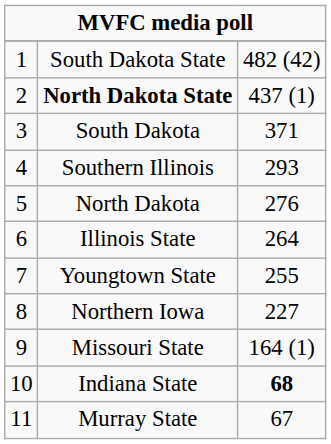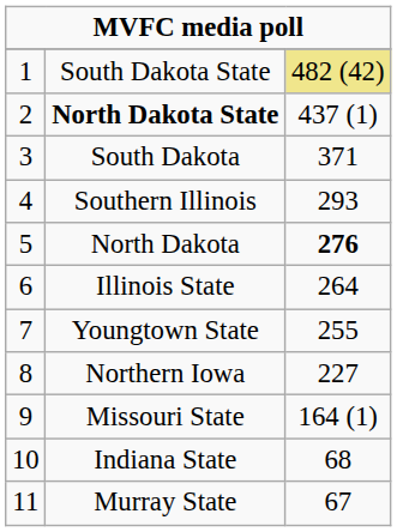 <table class="wikitable" style="display: inline-table;">
 <tr>
 <td align="center" Colspan="3"><strong>MVFC media poll</strong></td>
 </tr>
 <tr align="center">
 </tr>
 <tr align="center">
 <td>1</td>
 <td>South Dakota State</td>
-<td>482 (42)</td>
+<td style="background: khaki;">482 (42)</td>
 </tr>
 <tr align="center">
 <td>2</td>
 <td><strong>North Dakota State</strong></td>
 <td>437 (1)</td>
 </tr>
 <tr align="center">
 <td>3</td>
 <td>South Dakota</td>
 <td>371</td>
 </tr>
 <tr align="center">
 <td>4</td>
 <td>Southern Illinois</td>
 <td>293</td>
 </tr>
 <tr align="center">
 <td>5</td>
 <td>North Dakota</td>
-<td>276</td>
+<td><strong>276</strong></td>
 </tr>
 <tr align="center">
 <td>6</td>
 <td>Illinois State</td>
 <td>264</td>
 </tr>
 <tr align="center">
 <td>7</td>
 <td>Youngtown State</td>
 <td>255</td>
 </tr>
 <tr align="center">
 <td>8</td>
 <td>Northern Iowa</td>
 <td>227</td>
 </tr>
 <tr align="center">
 <td>9</td>
 <td>Missouri State</td>
 <td>164 (1)</td>
 </tr>
 <tr align="center">
 <td>10</td>
 <td>Indiana State</td>
-<td><strong>68</strong></td>
+<td>68</td>
 </tr>
 <tr align="center">
 <td>11</td>
 <td>Murray State</td>
 <td>67</td>
 </tr>
 </table>
